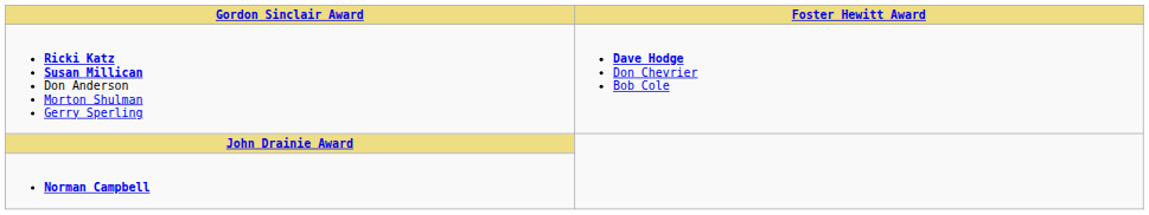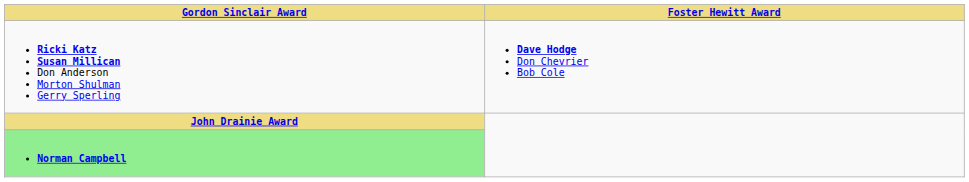 <table class=wikitable width="100%">
 <tr>
 <th style="background:#EEDD82; width:50%"><a href='#'>Gordon Sinclair Award</a></th>
 <th style="background:#EEDD82; width:50%"><a href='#'>Foster Hewitt Award</a></th>
 </tr>
 <tr>
 <td valign="top"><br><ul><li> <strong><a href='#'>Ricki Katz</a></strong></li><li> <strong><a href='#'>Susan Millican</a></strong></li><li>Don Anderson</li><li><a href='#'>Morton Shulman</a></li><li><a href='#'>Gerry Sperling</a></li></ul></td>
 <td valign="top"><br><ul><li> <strong><a href='#'>Dave Hodge</a></strong></li><li><a href='#'>Don Chevrier</a></li><li><a href='#'>Bob Cole</a></li></ul></td>
 </tr>
 <tr>
 <th style="background:#EEDD82; width:50%"><a href='#'>John Drainie Award</a></th>
 </tr>
 <tr>
-<td valign="top"><br><ul><li> <strong><a href='#'>Norman Campbell</a></strong></li></ul></td>
+<td valign="top" style="background: lightgreen;"><br><ul><li> <strong><a href='#'>Norman Campbell</a></strong></li></ul></td>
 </tr>
 </table>
